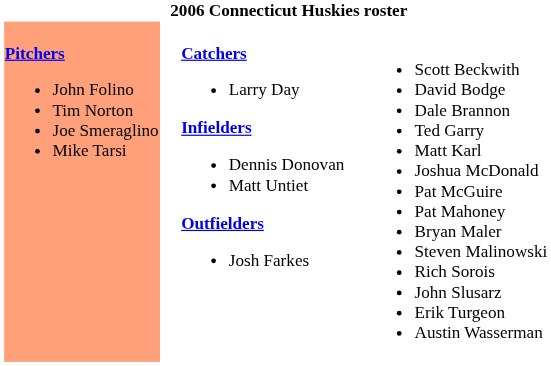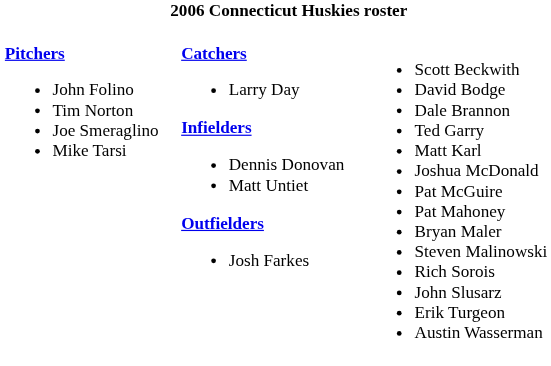 <table class="toccolours" style="border-collapse:collapse; font-size:90%;">
 <tr>
 <th colspan=9>2006 Connecticut Huskies roster</th>
 </tr>
 <tr>
 </tr>
 <tr>
 <td width="03"> </td>
-<td valign="top" style="background: lightsalmon;"><br><strong><a href='#'>Pitchers</a></strong><ul><li>John Folino</li><li>Tim Norton</li><li>Joe Smeraglino</li><li>Mike Tarsi</li></ul></td>
+<td valign="top"><br><strong><a href='#'>Pitchers</a></strong><ul><li>John Folino</li><li>Tim Norton</li><li>Joe Smeraglino</li><li>Mike Tarsi</li></ul></td>
 <td width="15"> </td>
 <td valign="top"><br><strong><a href='#'>Catchers</a></strong><ul><li>Larry Day</li></ul><strong><a href='#'>Infielders</a></strong><ul><li>Dennis Donovan</li><li>Matt Untiet</li></ul><strong><a href='#'>Outfielders</a></strong><ul><li>Josh Farkes</li></ul></td>
 <td width="15"> </td>
 <td valign="top"><br><ul><li>Scott Beckwith</li><li>David Bodge</li><li>Dale Brannon</li><li>Ted Garry</li><li>Matt Karl</li><li>Joshua McDonald</li><li>Pat McGuire</li><li>Pat Mahoney</li><li>Bryan Maler</li><li>Steven Malinowski</li><li>Rich Sorois</li><li>John Slusarz</li><li>Erik Turgeon</li><li>Austin Wasserman</li></ul></td>
 <td width="25"> </td>
 </tr>
 </table>
